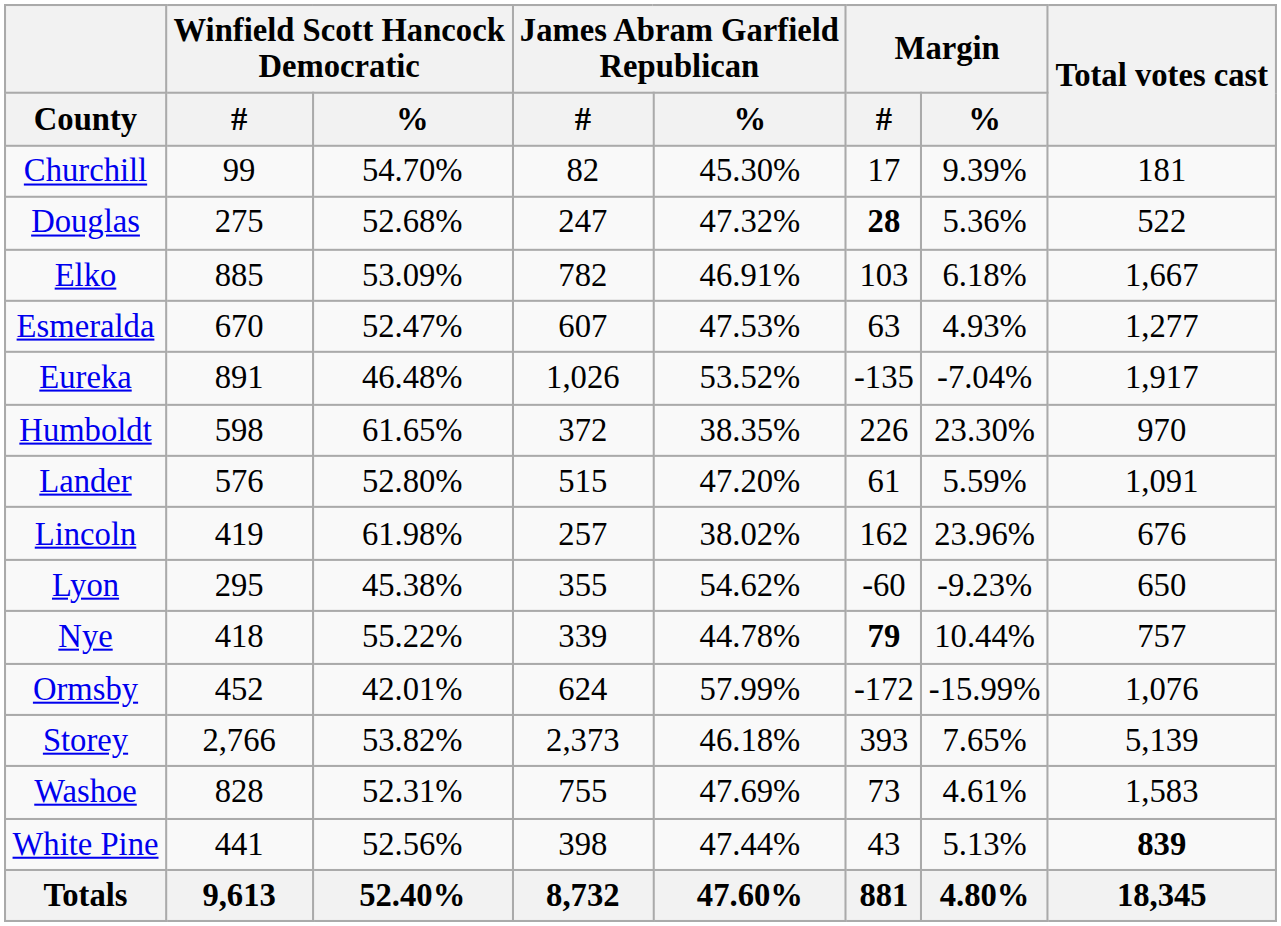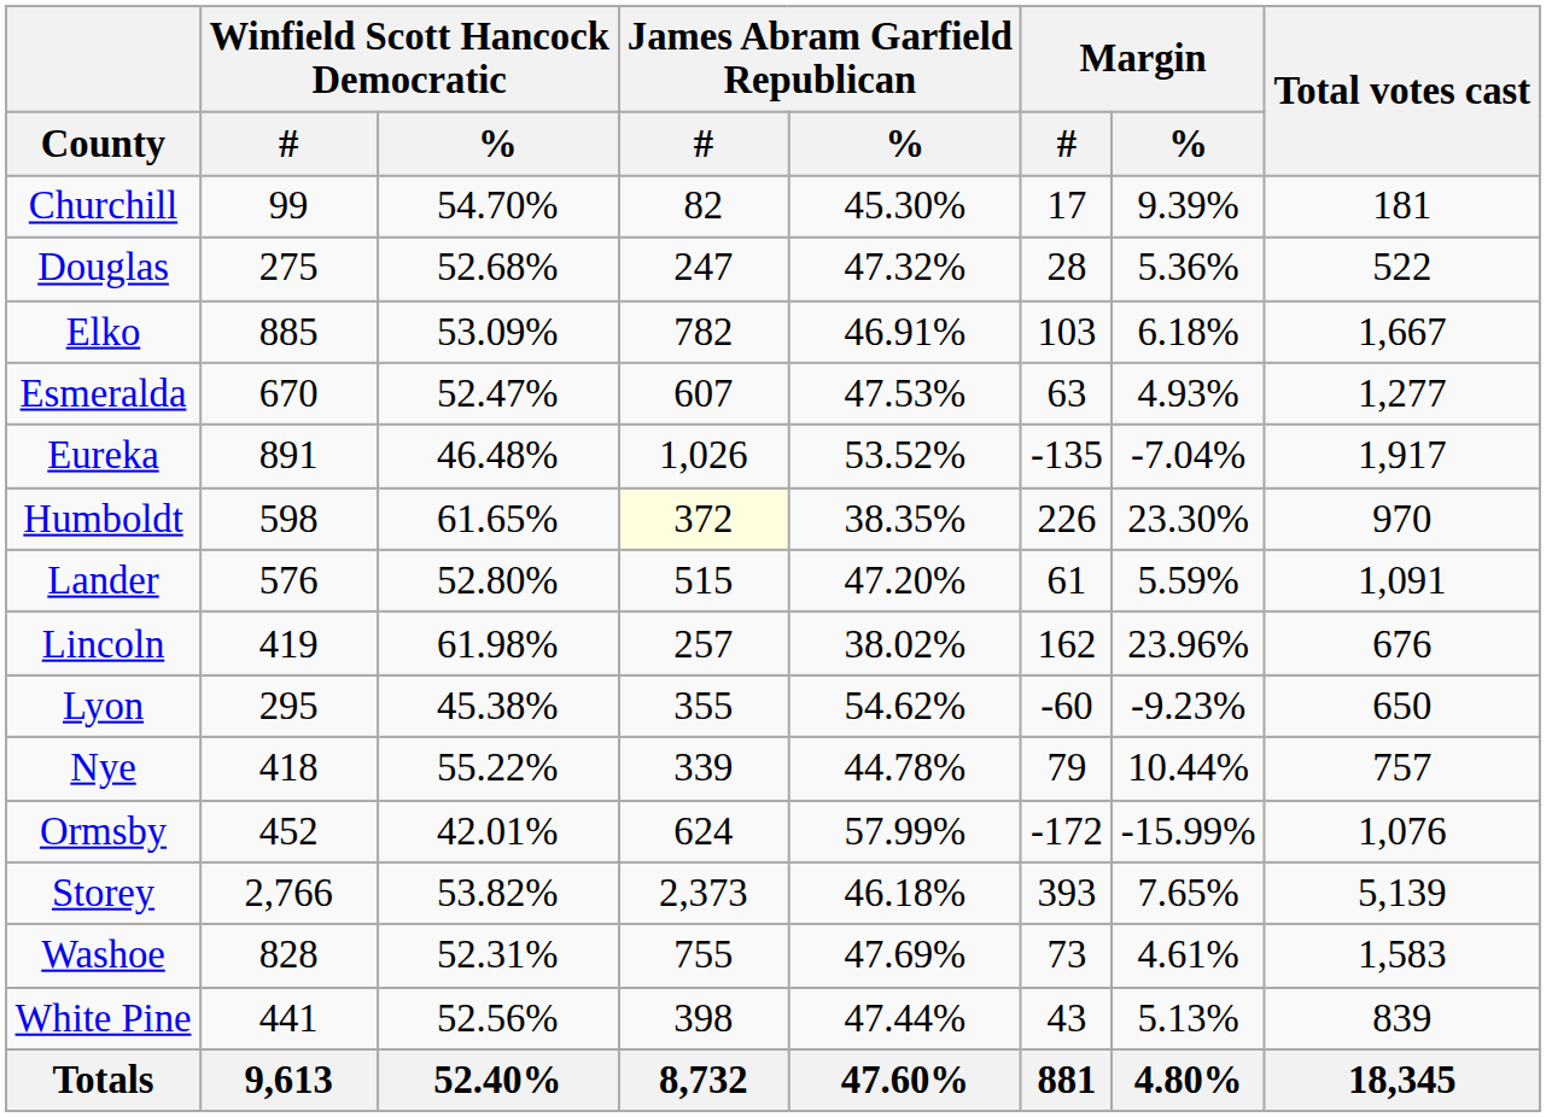 <table class="wikitable sortable" style="text-align:center">
 <tr>
 <th colspan="1"></th>
 <th style="text-align:center;" colspan="2">Winfield Scott Hancock<br>Democratic</th>
 <th style="text-align:center;" colspan="2">James Abram Garfield<br>Republican</th>
 <th style="text-align:center;" colspan="2">Margin</th>
 <th style="text-align:center;" rowspan="2">Total votes cast</th>
 </tr>
 <tr>
 <th align=center>County</th>
 <th style="text-align:center;" data-sort-type="number">#</th>
 <th style="text-align:center;" data-sort-type="number">%</th>
 <th style="text-align:center;" data-sort-type="number">#</th>
 <th style="text-align:center;" data-sort-type="number">%</th>
 <th style="text-align:center;" data-sort-type="number">#</th>
 <th style="text-align:center;" data-sort-type="number">%</th>
 </tr>
 <tr style="text-align:center;">
 <td><a href='#'>Churchill</a></td>
 <td>99</td>
 <td>54.70%</td>
 <td>82</td>
 <td>45.30%</td>
 <td>17</td>
 <td>9.39%</td>
 <td>181</td>
 </tr>
 <tr style="text-align:center;">
 <td><a href='#'>Douglas</a></td>
 <td>275</td>
 <td>52.68%</td>
 <td>247</td>
 <td>47.32%</td>
-<td><strong>28</strong></td>
+<td>28</td>
 <td>5.36%</td>
 <td>522</td>
 </tr>
 <tr style="text-align:center;">
 <td><a href='#'>Elko</a></td>
 <td>885</td>
 <td>53.09%</td>
 <td>782</td>
 <td>46.91%</td>
 <td>103</td>
 <td>6.18%</td>
 <td>1,667</td>
 </tr>
 <tr style="text-align:center;">
 <td><a href='#'>Esmeralda</a></td>
 <td>670</td>
 <td>52.47%</td>
 <td>607</td>
 <td>47.53%</td>
 <td>63</td>
 <td>4.93%</td>
 <td>1,277</td>
 </tr>
 <tr style="text-align:center;">
 <td><a href='#'>Eureka</a></td>
 <td>891</td>
 <td>46.48%</td>
 <td>1,026</td>
 <td>53.52%</td>
 <td>-135</td>
 <td>-7.04%</td>
 <td>1,917</td>
 </tr>
 <tr style="text-align:center;">
 <td><a href='#'>Humboldt</a></td>
 <td>598</td>
 <td>61.65%</td>
-<td>372</td>
+<td style="background: lightyellow;">372</td>
 <td>38.35%</td>
 <td>226</td>
 <td>23.30%</td>
 <td>970</td>
 </tr>
 <tr style="text-align:center;">
 <td><a href='#'>Lander</a></td>
 <td>576</td>
 <td>52.80%</td>
 <td>515</td>
 <td>47.20%</td>
 <td>61</td>
 <td>5.59%</td>
 <td>1,091</td>
 </tr>
 <tr style="text-align:center;">
 <td><a href='#'>Lincoln</a></td>
 <td>419</td>
 <td>61.98%</td>
 <td>257</td>
 <td>38.02%</td>
 <td>162</td>
 <td>23.96%</td>
 <td>676</td>
 </tr>
 <tr style="text-align:center;">
 <td><a href='#'>Lyon</a></td>
 <td>295</td>
 <td>45.38%</td>
 <td>355</td>
 <td>54.62%</td>
 <td>-60</td>
 <td>-9.23%</td>
 <td>650</td>
 </tr>
 <tr style="text-align:center;">
 <td><a href='#'>Nye</a></td>
 <td>418</td>
 <td>55.22%</td>
 <td>339</td>
 <td>44.78%</td>
-<td><strong>79</strong></td>
+<td>79</td>
 <td>10.44%</td>
 <td>757</td>
 </tr>
 <tr style="text-align:center;">
 <td><a href='#'>Ormsby</a></td>
 <td>452</td>
 <td>42.01%</td>
 <td>624</td>
 <td>57.99%</td>
 <td>-172</td>
 <td>-15.99%</td>
 <td>1,076</td>
 </tr>
 <tr style="text-align:center;">
 <td><a href='#'>Storey</a></td>
 <td>2,766</td>
 <td>53.82%</td>
 <td>2,373</td>
 <td>46.18%</td>
 <td>393</td>
 <td>7.65%</td>
 <td>5,139</td>
 </tr>
 <tr style="text-align:center;">
 <td><a href='#'>Washoe</a></td>
 <td>828</td>
 <td>52.31%</td>
 <td>755</td>
 <td>47.69%</td>
 <td>73</td>
 <td>4.61%</td>
 <td>1,583</td>
 </tr>
 <tr style="text-align:center;">
 <td><a href='#'>White Pine</a></td>
 <td>441</td>
 <td>52.56%</td>
 <td>398</td>
 <td>47.44%</td>
 <td>43</td>
 <td>5.13%</td>
-<td><strong>839</strong></td>
+<td>839</td>
 </tr>
 <tr style="text-align:center;">
 <th>Totals</th>
 <th>9,613</th>
 <th>52.40%</th>
 <th>8,732</th>
 <th>47.60%</th>
 <th>881</th>
 <th>4.80%</th>
 <th>18,345</th>
 </tr>
 </table>
